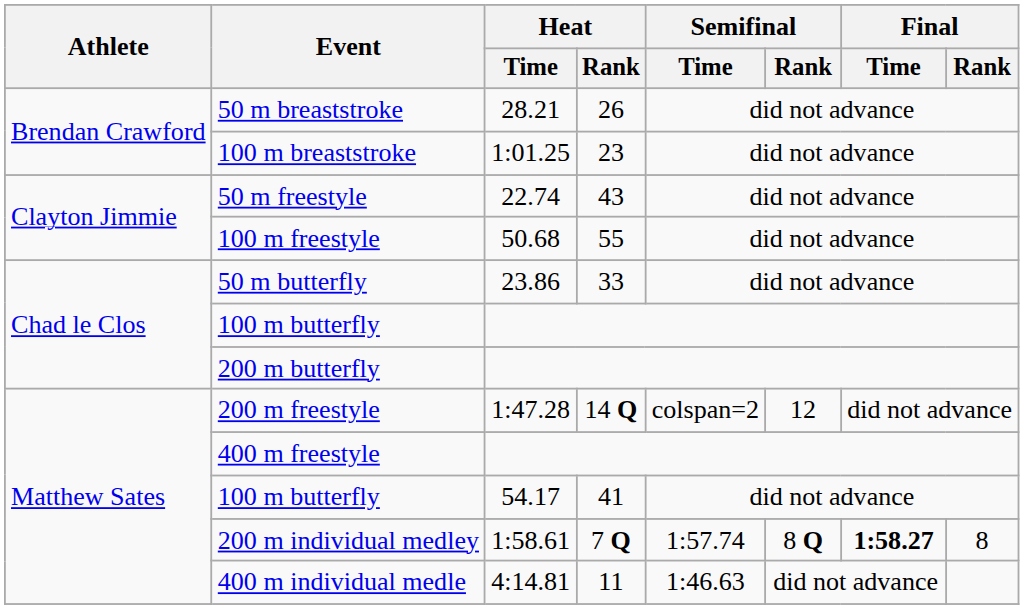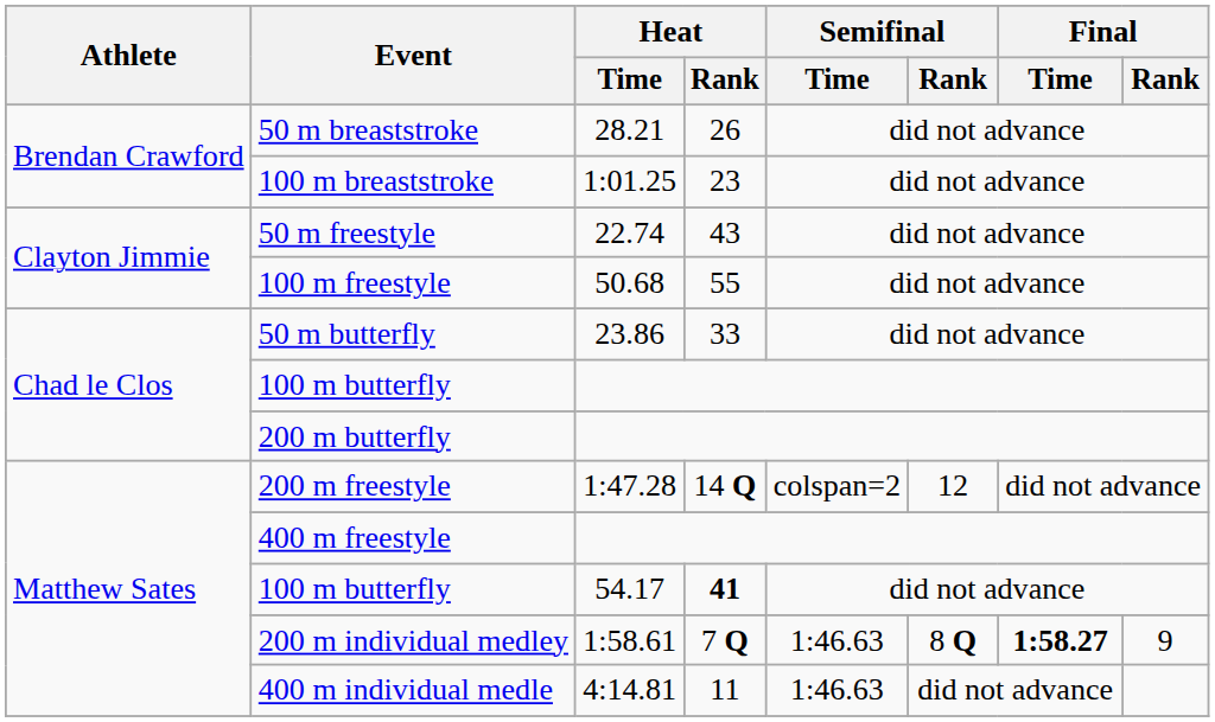 <table class=wikitable style="font-size:90%">
 <tr>
 <th rowspan="2">Athlete</th>
 <th rowspan="2">Event</th>
 <th colspan="2">Heat</th>
 <th colspan="2">Semifinal</th>
 <th colspan="2">Final</th>
 </tr>
 <tr style="font-size:95%">
 <th>Time</th>
 <th>Rank</th>
 <th>Time</th>
 <th>Rank</th>
 <th>Time</th>
 <th>Rank</th>
 </tr>
 <tr align=center>
 <td align=left rowspan=2><a href='#'>Brendan Crawford</a></td>
 <td align=left><a href='#'>50 m breaststroke</a></td>
 <td>28.21</td>
 <td>26</td>
 <td colspan=4>did not advance</td>
 </tr>
 <tr align=center>
 <td align=left><a href='#'>100 m breaststroke</a></td>
 <td>1:01.25</td>
 <td>23</td>
 <td colspan=4>did not advance</td>
 </tr>
 <tr align=center>
 <td align=left rowspan=2><a href='#'>Clayton Jimmie</a></td>
 <td align=left><a href='#'>50 m freestyle</a></td>
 <td>22.74</td>
 <td>43</td>
 <td colspan=4>did not advance</td>
 </tr>
 <tr align=center>
 <td align=left><a href='#'>100 m freestyle</a></td>
 <td>50.68</td>
 <td>55</td>
 <td colspan=4>did not advance</td>
 </tr>
 <tr align=center>
 <td align=left rowspan=3><a href='#'>Chad le Clos</a></td>
 <td align=left><a href='#'>50 m butterfly</a></td>
 <td>23.86</td>
 <td>33</td>
 <td colspan=4>did not advance</td>
 </tr>
 <tr align=center>
 <td align=left><a href='#'>100 m butterfly</a></td>
 <td colspan=6></td>
 </tr>
 <tr align=center>
 <td align=left><a href='#'>200 m butterfly</a></td>
 <td colspan=6></td>
 </tr>
 <tr align=center>
 <td align=left rowspan=5><a href='#'>Matthew Sates</a></td>
 <td align=left><a href='#'>200 m freestyle</a></td>
 <td>1:47.28</td>
 <td>14 <strong>Q</strong></td>
 <td>colspan=2</td>
 <td>12</td>
 <td colspan=2>did not advance</td>
 </tr>
 <tr align=center>
 <td align=left><a href='#'>400 m freestyle</a></td>
 <td colspan=6></td>
 </tr>
 <tr align=center>
 <td align=left><a href='#'>100 m butterfly</a></td>
 <td>54.17</td>
-<td>41</td>
+<td><strong>41</strong></td>
 <td colspan=4>did not advance</td>
 </tr>
 <tr align=center>
 <td align=left><a href='#'>200 m individual medley</a></td>
 <td>1:58.61</td>
 <td>7 <strong>Q</strong></td>
-<td>1:57.74</td>
+<td>1:46.63</td>
 <td>8 <strong>Q</strong></td>
 <td><strong>1:58.27</strong></td>
-<td>8</td>
+<td>9</td>
 </tr>
 <tr align=center>
 <td align=left><a href='#'>400 m individual medle</a></td>
 <td>4:14.81</td>
 <td>11</td>
 <td>1:46.63</td>
 <td colspan=2>did not advance</td>
 </tr>
 </table>
